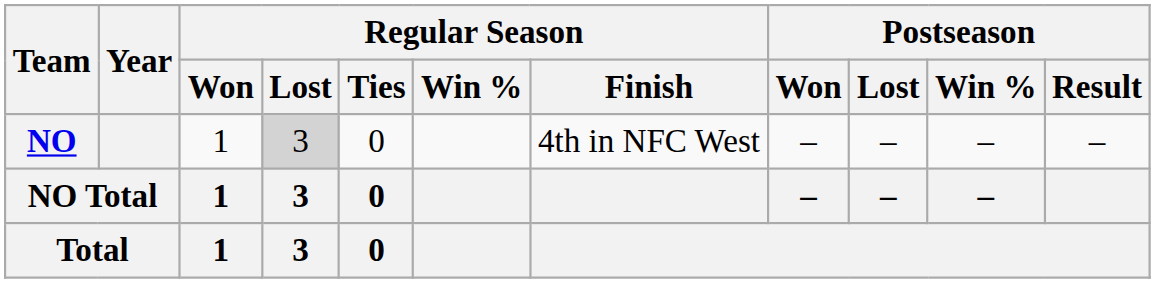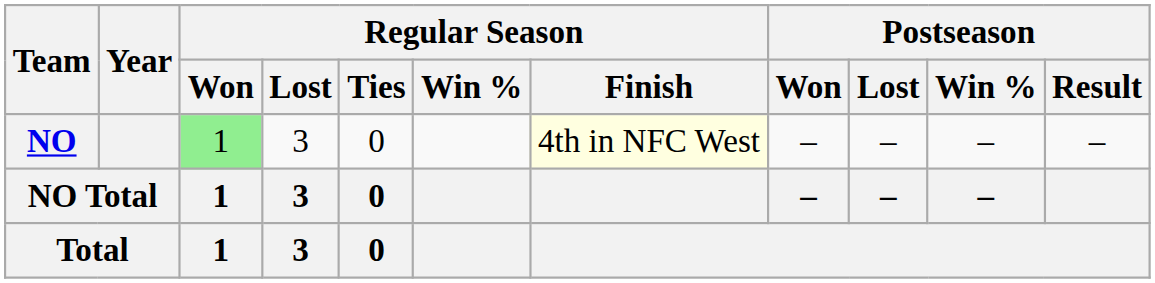 <table class="wikitable" style="font-size: 95%; text-align:center;">
 <tr>
 <th rowspan="2">Team</th>
 <th rowspan="2">Year</th>
 <th colspan="5">Regular Season</th>
 <th colspan="4">Postseason</th>
 </tr>
 <tr>
 <th>Won</th>
 <th>Lost</th>
 <th>Ties</th>
 <th>Win %</th>
 <th>Finish</th>
 <th>Won</th>
 <th>Lost</th>
 <th>Win %</th>
 <th>Result</th>
 </tr>
 <tr>
 <th><a href='#'>NO</a></th>
 <th></th>
-<td>1</td>
-<td style="background: lightgrey;">3</td>
+<td style="background: lightgreen;">1</td>
+<td>3</td>
 <td>0</td>
 <td></td>
-<td>4th in NFC West</td>
+<td style="background: lightyellow;">4th in NFC West</td>
 <td>–</td>
 <td>–</td>
 <td>–</td>
 <td>–</td>
 </tr>
 <tr>
 <th colspan="2">NO Total</th>
 <th>1</th>
 <th>3</th>
 <th>0</th>
 <th></th>
 <th></th>
 <th>–</th>
 <th>–</th>
 <th>–</th>
 <th></th>
 </tr>
 <tr>
 <th colspan="2">Total</th>
 <th>1</th>
 <th>3</th>
 <th>0</th>
 <th></th>
 <th colspan="5"></th>
 </tr>
 </table>
